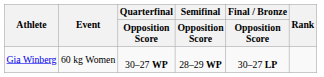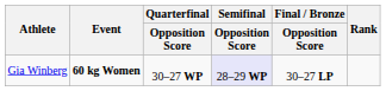 <table class="wikitable">
 <tr>
 <th rowspan=2>Athlete</th>
 <th rowspan=2>Event</th>
 <th>Quarterfinal</th>
 <th>Semifinal</th>
 <th>Final / Bronze</th>
 <th rowspan=2>Rank</th>
 </tr>
 <tr>
 <th>Opposition<br>Score</th>
 <th>Opposition<br>Score</th>
 <th>Opposition<br>Score</th>
 </tr>
 <tr align=center>
 <td align=left><a href='#'>Gia Winberg</a></td>
-<td align=left>60 kg Women</td>
+<td align=left><strong>60 kg Women</strong></td>
 <td><br>30–27 <strong>WP</strong></td>
-<td><br>28–29 <strong>WP</strong></td>
+<td style="background: lavender;"><br>28–29 <strong>WP</strong></td>
 <td><br>30–27 <strong>LP</strong></td>
 <td></td>
 </tr>
 </table>
